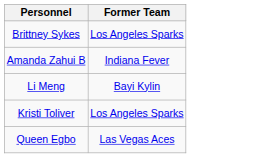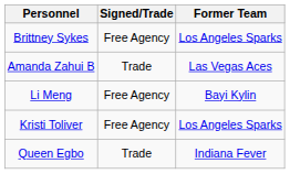 <table class="wikitable" style="text-align: center">
 <tr align="center" bgcolor="#dddddd">
 <th><strong>Personnel</strong></th>
+<th><strong>Signed/Trade</strong></th>
 <th><strong>Former Team</strong></th>
 </tr>
 <tr style="height:40px">
 <td><a href='#'>Brittney Sykes</a></td>
+<td>Free Agency</td>
 <td><a href='#'>Los Angeles Sparks</a></td>
 </tr>
 <tr style="height:40px">
 <td><a href='#'>Amanda Zahui B</a></td>
-<td><a href='#'>Indiana Fever</a></td>
+<td>Trade</td>
+<td><a href='#'>Las Vegas Aces</a></td>
 </tr>
 <tr style="height:40px">
 <td><a href='#'>Li Meng</a></td>
+<td>Free Agency</td>
 <td><a href='#'>Bayi Kylin</a></td>
 </tr>
 <tr style="height:40px">
 <td><a href='#'>Kristi Toliver</a></td>
+<td>Free Agency</td>
 <td><a href='#'>Los Angeles Sparks</a></td>
 </tr>
 <tr style="height:40px">
 <td><a href='#'>Queen Egbo</a></td>
-<td><a href='#'>Las Vegas Aces</a></td>
+<td>Trade</td>
+<td><a href='#'>Indiana Fever</a></td>
 </tr>
 </table>
